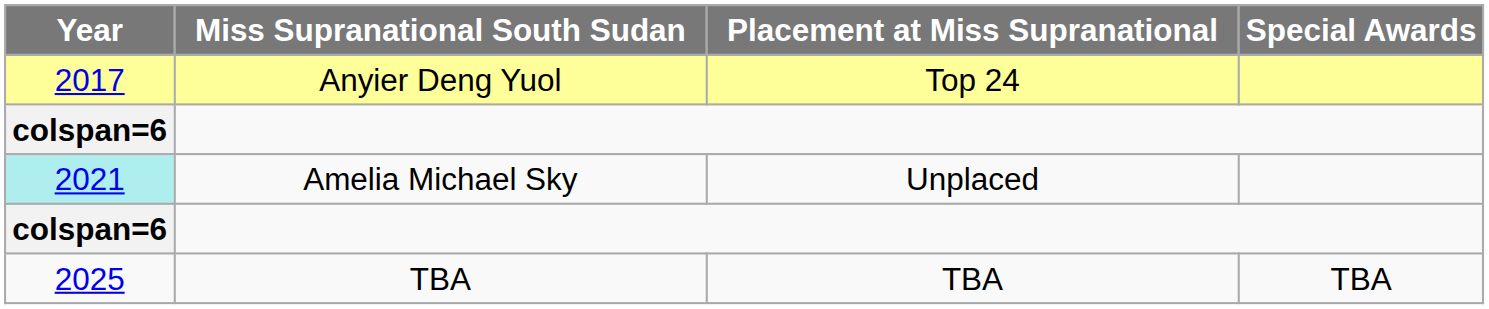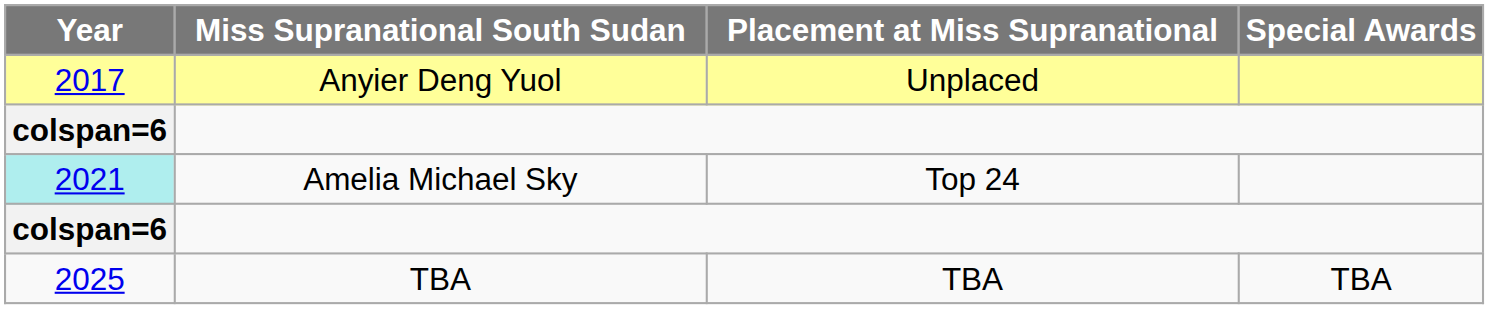 <table class="wikitable sortable" style="font-size: 95%; text-align:center">
 <tr>
 <th width="60" style="background-color:#787878;color:#FFFFFF;">Year</th>
 <th width="250" style="background-color:#787878;color:#FFFFFF;">Miss Supranational South Sudan</th>
 <th width="250" style="background-color:#787878;color:#FFFFFF;">Placement at Miss Supranational</th>
 <th style="background-color:#787878;color:#FFFFFF;">Special Awards</th>
 </tr>
 <tr style="background-color:#FFFF99">
 <td><a href='#'>2017</a></td>
 <td>Anyier Deng Yuol</td>
-<td>Top 24</td>
+<td>Unplaced</td>
 <td></td>
 </tr>
 <tr>
 <th>colspan=6 </th>
 </tr>
 <tr>
 <td style="background: paleturquoise;"><a href='#'>2021</a></td>
 <td>Amelia Michael Sky</td>
-<td>Unplaced</td>
+<td>Top 24</td>
 <td></td>
 </tr>
 <tr>
 <th>colspan=6 </th>
 </tr>
 <tr>
 <td><a href='#'>2025</a></td>
 <td>TBA</td>
 <td>TBA</td>
 <td>TBA</td>
 </tr>
 </table>
